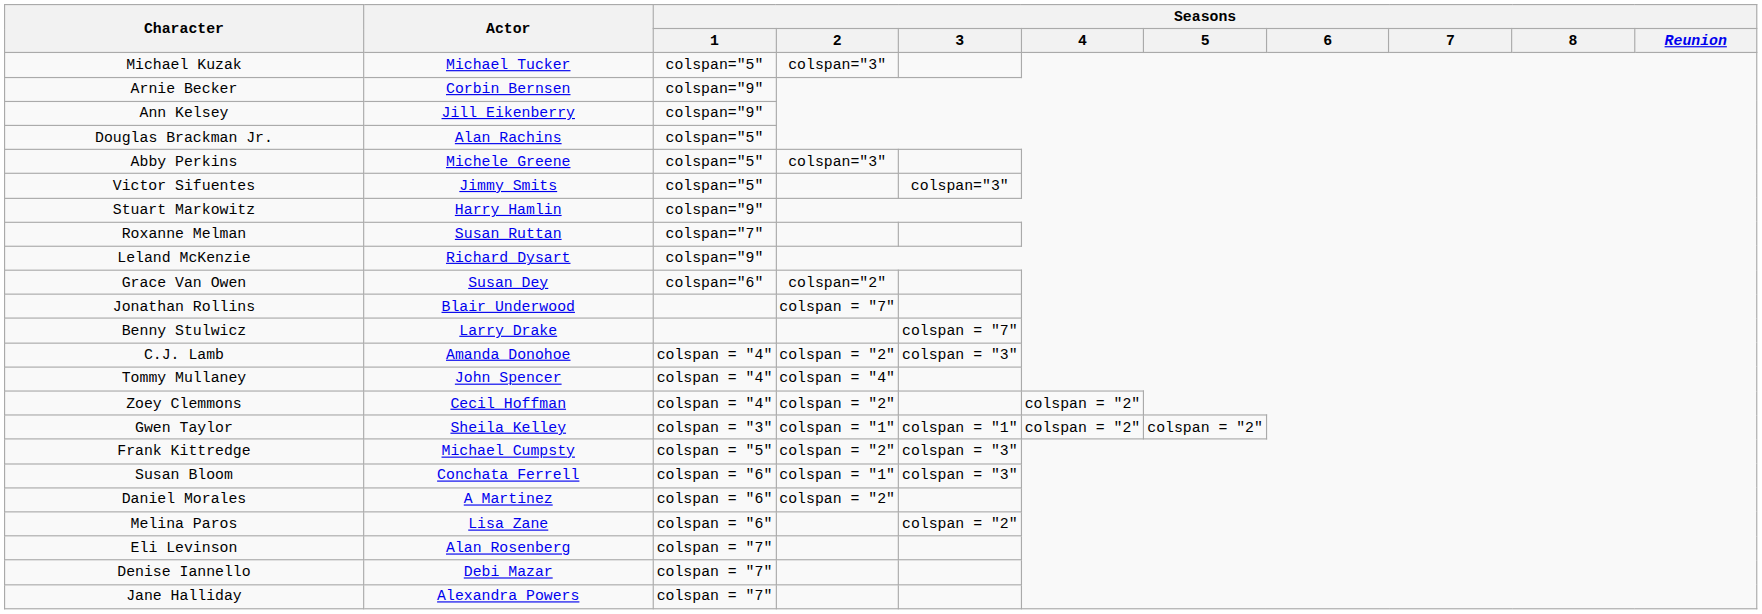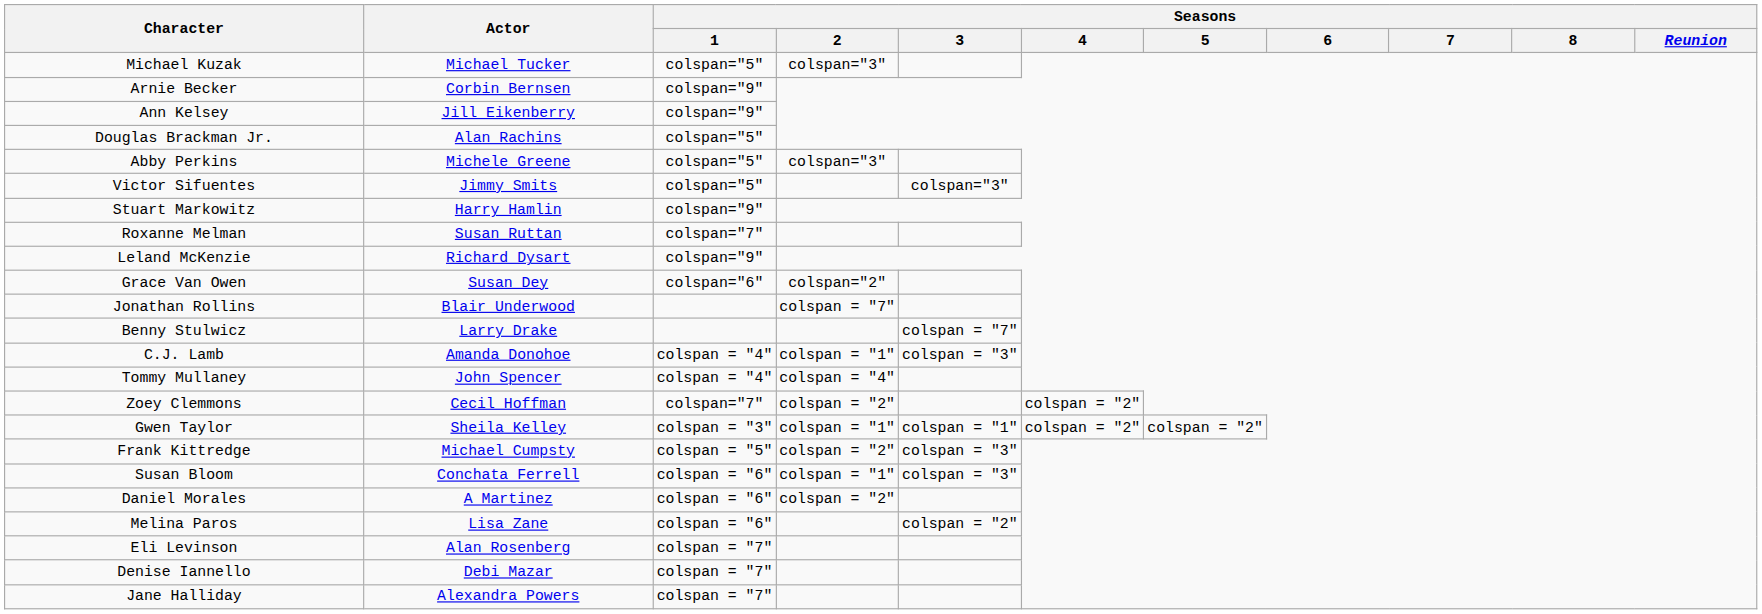 <table class="wikitable sortable" style="text-align:center">
 <tr>
 <th rowspan="2">Character</th>
 <th rowspan="2">Actor</th>
 <th colspan="9">Seasons</th>
 </tr>
 <tr>
 <th style="width:7%;">1</th>
 <th style="width:7%;">2</th>
 <th style="width:7%;">3</th>
 <th style="width:7%;">4</th>
 <th style="width:7%;">5</th>
 <th style="width:7%;">6</th>
 <th style="width:7%;">7</th>
 <th style="width:7%;">8</th>
 <th style="width:7%;"><em><a href='#'>Reunion</a></em></th>
 </tr>
 <tr>
 <td>Michael Kuzak</td>
 <td><a href='#'>Michael Tucker</a></td>
 <td>colspan="5" </td>
 <td>colspan="3" </td>
 <td></td>
 </tr>
 <tr>
 <td>Arnie Becker</td>
 <td><a href='#'>Corbin Bernsen</a></td>
 <td>colspan="9" </td>
 </tr>
 <tr>
 <td>Ann Kelsey</td>
 <td><a href='#'>Jill Eikenberry</a></td>
 <td>colspan="9" </td>
 </tr>
 <tr>
 <td>Douglas Brackman Jr.</td>
 <td><a href='#'>Alan Rachins</a></td>
 <td>colspan="5" </td>
 </tr>
 <tr>
 <td>Abby Perkins</td>
 <td><a href='#'>Michele Greene</a></td>
 <td>colspan="5" </td>
 <td>colspan="3" </td>
 <td></td>
 </tr>
 <tr>
 <td>Victor Sifuentes</td>
 <td><a href='#'>Jimmy Smits</a></td>
 <td>colspan="5" </td>
 <td></td>
 <td>colspan="3" </td>
 </tr>
 <tr>
 <td>Stuart Markowitz</td>
 <td><a href='#'>Harry Hamlin</a></td>
 <td>colspan="9" </td>
 </tr>
 <tr>
 <td>Roxanne Melman</td>
 <td><a href='#'>Susan Ruttan</a></td>
 <td>colspan="7" </td>
 <td></td>
 <td></td>
 </tr>
 <tr>
 <td>Leland McKenzie</td>
 <td><a href='#'>Richard Dysart</a></td>
 <td>colspan="9" </td>
 </tr>
 <tr>
 <td>Grace Van Owen</td>
 <td><a href='#'>Susan Dey</a></td>
 <td>colspan="6" </td>
 <td>colspan="2" </td>
 <td></td>
 </tr>
 <tr>
 <td>Jonathan Rollins</td>
 <td><a href='#'>Blair Underwood</a></td>
 <td></td>
 <td>colspan = "7" </td>
 <td></td>
 </tr>
 <tr>
 <td>Benny Stulwicz</td>
 <td><a href='#'>Larry Drake</a></td>
 <td></td>
 <td></td>
 <td>colspan = "7" </td>
 </tr>
 <tr>
 <td>C.J. Lamb</td>
 <td><a href='#'>Amanda Donohoe</a></td>
 <td>colspan = "4" </td>
-<td>colspan = "2" </td>
+<td>colspan = "1" </td>
 <td>colspan = "3" </td>
 </tr>
 <tr>
 <td>Tommy Mullaney</td>
 <td><a href='#'>John Spencer</a></td>
 <td>colspan = "4" </td>
 <td>colspan = "4" </td>
 <td></td>
 </tr>
 <tr>
 <td>Zoey Clemmons</td>
 <td><a href='#'>Cecil Hoffman</a></td>
-<td>colspan = "4" </td>
+<td>colspan="7" </td>
 <td>colspan = "2" </td>
 <td></td>
 <td>colspan = "2" </td>
 </tr>
 <tr>
 <td>Gwen Taylor</td>
 <td><a href='#'>Sheila Kelley</a></td>
 <td>colspan = "3" </td>
 <td>colspan = "1" </td>
 <td>colspan = "1" </td>
 <td>colspan = "2" </td>
 <td>colspan = "2" </td>
 </tr>
 <tr>
 <td>Frank Kittredge</td>
 <td><a href='#'>Michael Cumpsty</a></td>
 <td>colspan = "5" </td>
 <td>colspan = "2" </td>
 <td>colspan = "3" </td>
 </tr>
 <tr>
 <td>Susan Bloom</td>
 <td><a href='#'>Conchata Ferrell</a></td>
 <td>colspan = "6" </td>
 <td>colspan = "1" </td>
 <td>colspan = "3" </td>
 </tr>
 <tr>
 <td>Daniel Morales</td>
 <td><a href='#'>A Martinez</a></td>
 <td>colspan = "6" </td>
 <td>colspan = "2" </td>
 <td></td>
 </tr>
 <tr>
 <td>Melina Paros</td>
 <td><a href='#'>Lisa Zane</a></td>
 <td>colspan = "6" </td>
 <td></td>
 <td>colspan = "2" </td>
 </tr>
 <tr>
 <td>Eli Levinson</td>
 <td><a href='#'>Alan Rosenberg</a></td>
 <td>colspan = "7" </td>
 <td></td>
 <td></td>
 </tr>
 <tr>
 <td>Denise Iannello</td>
 <td><a href='#'>Debi Mazar</a></td>
 <td>colspan = "7" </td>
 <td></td>
 <td></td>
 </tr>
 <tr>
 <td>Jane Halliday</td>
 <td><a href='#'>Alexandra Powers</a></td>
 <td>colspan = "7" </td>
 <td></td>
 <td></td>
 </tr>
 </table>
